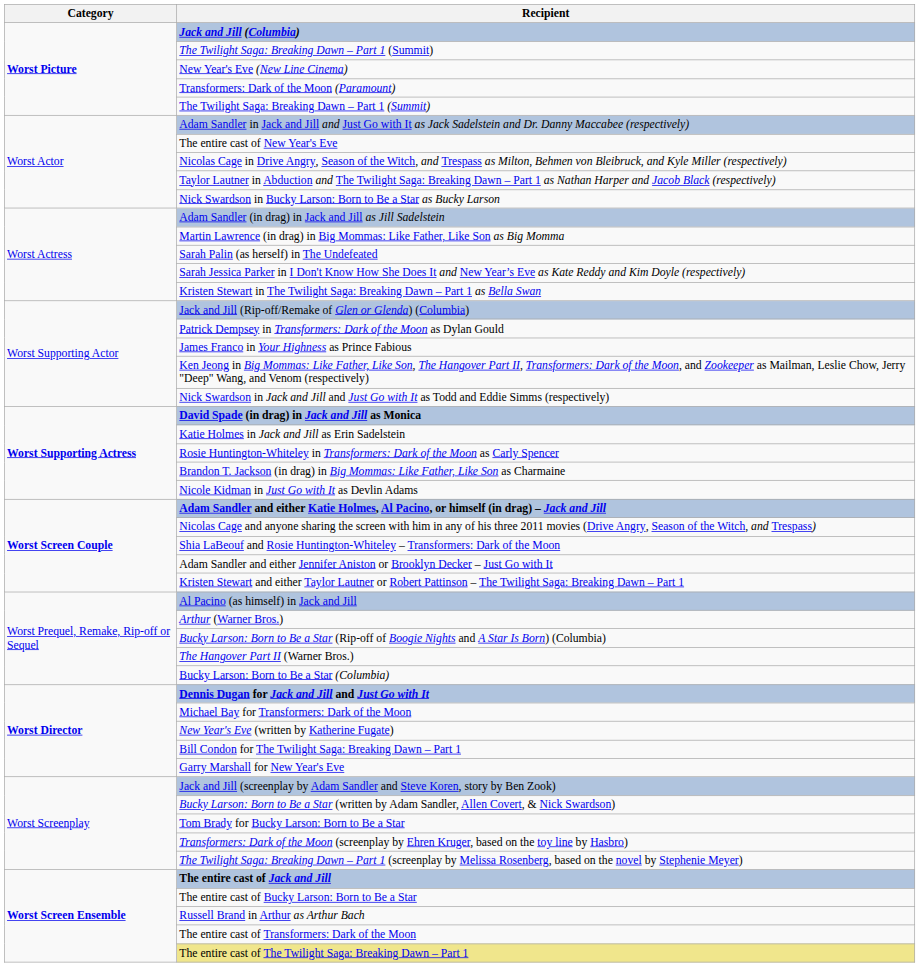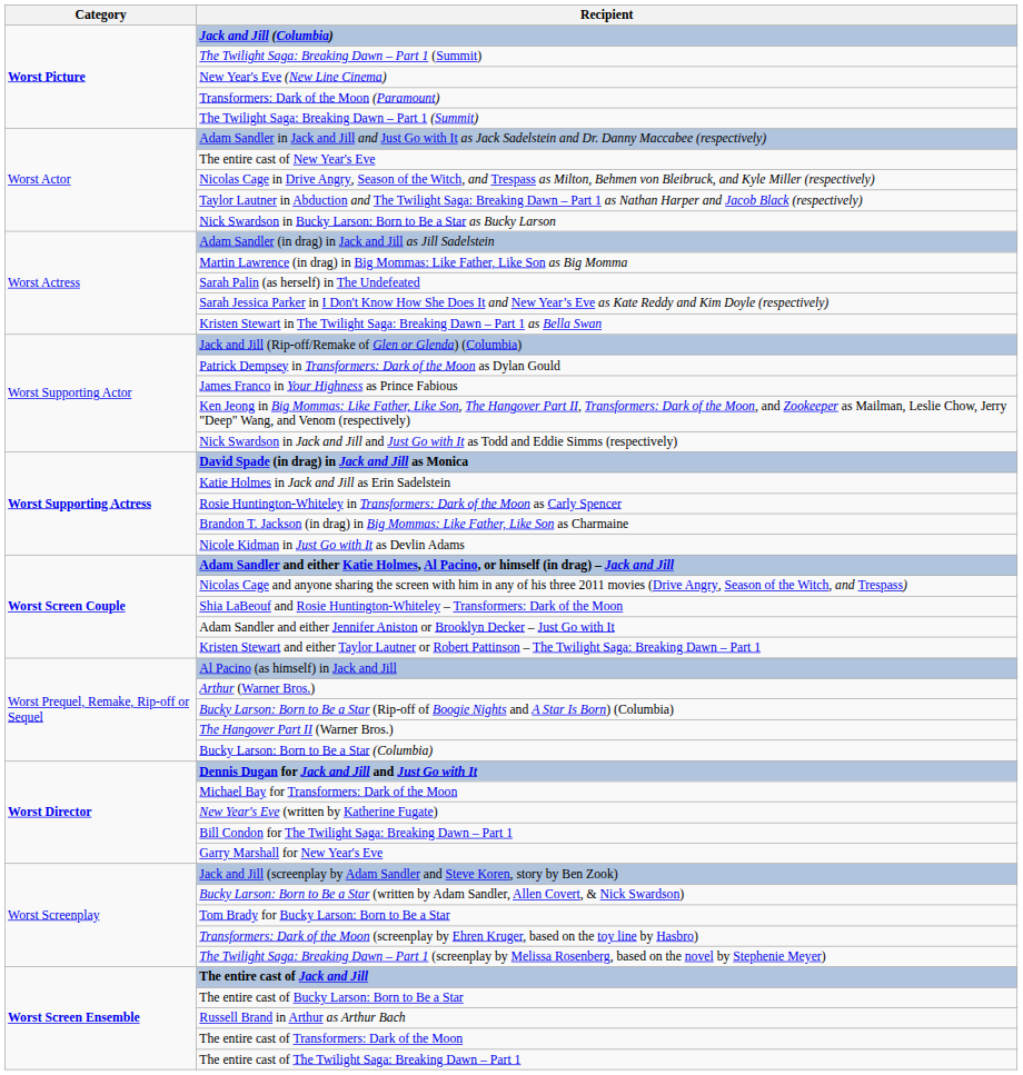 <table class="wikitable">
 <tr>
 <th>Category</th>
 <th>Recipient</th>
 </tr>
 <tr>
 <td rowspan=5><strong><a href='#'>Worst Picture</a></strong></td>
 <td style="background:#B0C4DE"><strong><em><a href='#'>Jack and Jill</a><em> (<a href='#'>Columbia</a>)<strong></td>
 </tr>
 <tr>
 <td><em><a href='#'>The Twilight Saga: Breaking Dawn – Part 1</a></em> (<a href='#'>Summit</a>)</td>
 </tr>
 <tr>
 <td></em><a href='#'>New Year's Eve</a><em> (<a href='#'>New Line Cinema</a>)</td>
 </tr>
 <tr>
 <td></em><a href='#'>Transformers: Dark of the Moon</a><em> (<a href='#'>Paramount</a>)</td>
 </tr>
 <tr>
 <td></em><a href='#'>The Twilight Saga: Breaking Dawn – Part 1</a><em> (<a href='#'>Summit</a>)</td>
 </tr>
 <tr>
 <td rowspan=5></strong><a href='#'>Worst Actor</a><strong></td>
 <td style="background:#B0C4DE"></strong><a href='#'>Adam Sandler</a> in </em><a href='#'>Jack and Jill</a><em> and </em><a href='#'>Just Go with It</a><em> as Jack Sadelstein and Dr. Danny Maccabee (respectively)<strong></td>
 </tr>
 <tr>
 <td>The entire cast of </em><a href='#'>New Year's Eve</a><em></td>
 </tr>
 <tr>
 <td><a href='#'>Nicolas Cage</a> in </em><a href='#'>Drive Angry</a><em>, </em><a href='#'>Season of the Witch</a><em>, and </em><a href='#'>Trespass</a><em> as Milton, Behmen von Bleibruck, and Kyle Miller (respectively)</td>
 </tr>
 <tr>
 <td><a href='#'>Taylor Lautner</a> in </em><a href='#'>Abduction</a><em> and </em><a href='#'>The Twilight Saga: Breaking Dawn – Part 1</a><em> as Nathan Harper and <a href='#'>Jacob Black</a> (respectively)</td>
 </tr>
 <tr>
 <td><a href='#'>Nick Swardson</a> in </em><a href='#'>Bucky Larson: Born to Be a Star</a><em> as Bucky Larson</td>
 </tr>
 <tr>
 <td rowspan=5></strong><a href='#'>Worst Actress</a><strong></td>
 <td style="background:#B0C4DE"></strong><a href='#'>Adam Sandler</a> (in drag) in </em><a href='#'>Jack and Jill</a><em> as Jill Sadelstein<strong></td>
 </tr>
 <tr>
 <td><a href='#'>Martin Lawrence</a> (in drag) in </em><a href='#'>Big Mommas: Like Father, Like Son</a><em> as Big Momma</td>
 </tr>
 <tr>
 <td><a href='#'>Sarah Palin</a> (as herself) in </em><a href='#'>The Undefeated</a><em></td>
 </tr>
 <tr>
 <td><a href='#'>Sarah Jessica Parker</a> in </em><a href='#'>I Don't Know How She Does It</a><em> and </em><a href='#'>New Year’s Eve</a><em> as Kate Reddy and Kim Doyle (respectively)</td>
 </tr>
 <tr>
 <td><a href='#'>Kristen Stewart</a> in </em><a href='#'>The Twilight Saga: Breaking Dawn – Part 1</a><em> as <a href='#'>Bella Swan</a></td>
 </tr>
 <tr>
 <td rowspan=5></strong><a href='#'>Worst Supporting Actor</a><strong></td>
 <td style="background:#B0C4DE"></em></strong><a href='#'>Jack and Jill</a></em> (Rip-off/Remake of <em><a href='#'>Glen or Glenda</a></em>) (<a href='#'>Columbia</a>)</strong></td>
 </tr>
 <tr>
 <td><a href='#'>Patrick Dempsey</a> in <em><a href='#'>Transformers: Dark of the Moon</a></em> as Dylan Gould</td>
 </tr>
 <tr>
 <td><a href='#'>James Franco</a> in <em><a href='#'>Your Highness</a></em> as Prince Fabious</td>
 </tr>
 <tr>
 <td><a href='#'>Ken Jeong</a> in <em><a href='#'>Big Mommas: Like Father, Like Son</a></em>, <em><a href='#'>The Hangover Part II</a></em>, <em><a href='#'>Transformers: Dark of the Moon</a></em>, and <em><a href='#'>Zookeeper</a></em> as Mailman, Leslie Chow, Jerry "Deep" Wang, and Venom (respectively)</td>
 </tr>
 <tr>
 <td><a href='#'>Nick Swardson</a> in <em>Jack and Jill</em> and <em><a href='#'>Just Go with It</a></em> as Todd and Eddie Simms (respectively)</td>
 </tr>
 <tr>
 <td rowspan=5><strong><a href='#'>Worst Supporting Actress</a></strong></td>
 <td style="background:#B0C4DE"><strong><a href='#'>David Spade</a> (in drag) in <em><a href='#'>Jack and Jill</a></em> as Monica</strong></td>
 </tr>
 <tr>
 <td><a href='#'>Katie Holmes</a> in <em>Jack and Jill</em> as Erin Sadelstein</td>
 </tr>
 <tr>
 <td><a href='#'>Rosie Huntington-Whiteley</a> in <em><a href='#'>Transformers: Dark of the Moon</a></em> as <a href='#'>Carly Spencer</a></td>
 </tr>
 <tr>
 <td><a href='#'>Brandon T. Jackson</a> (in drag) in <em><a href='#'>Big Mommas: Like Father, Like Son</a></em> as Charmaine</td>
 </tr>
 <tr>
 <td><a href='#'>Nicole Kidman</a> in <em><a href='#'>Just Go with It</a></em> as Devlin Adams</td>
 </tr>
 <tr>
 <td rowspan=5><strong><a href='#'>Worst Screen Couple</a></strong></td>
 <td style="background:#B0C4DE"><strong><a href='#'>Adam Sandler</a> and either <a href='#'>Katie Holmes</a>, <a href='#'>Al Pacino</a>, or himself (in drag) – <em><a href='#'>Jack and Jill</a><strong><em></td>
 </tr>
 <tr>
 <td><a href='#'>Nicolas Cage</a> and anyone sharing the screen with him in any of his three 2011 movies (</em><a href='#'>Drive Angry</a><em>, </em><a href='#'>Season of the Witch</a><em>, and </em><a href='#'>Trespass</a><em>)</td>
 </tr>
 <tr>
 <td><a href='#'>Shia LaBeouf</a> and <a href='#'>Rosie Huntington-Whiteley</a> – </em><a href='#'>Transformers: Dark of the Moon</a><em></td>
 </tr>
 <tr>
 <td>Adam Sandler and either <a href='#'>Jennifer Aniston</a> or <a href='#'>Brooklyn Decker</a> – </em><a href='#'>Just Go with It</a><em></td>
 </tr>
 <tr>
 <td><a href='#'>Kristen Stewart</a> and either <a href='#'>Taylor Lautner</a> or <a href='#'>Robert Pattinson</a> – </em><a href='#'>The Twilight Saga: Breaking Dawn – Part 1</a><em></td>
 </tr>
 <tr>
 <td rowspan=5></strong><a href='#'>Worst Prequel, Remake, Rip-off or Sequel</a><strong></td>
 <td style="background:#B0C4DE"></strong><a href='#'>Al Pacino</a> (as himself) in </em><a href='#'>Jack and Jill</a></em></strong></td>
 </tr>
 <tr>
 <td><em><a href='#'>Arthur</a></em> (<a href='#'>Warner Bros.</a>)</td>
 </tr>
 <tr>
 <td><em><a href='#'>Bucky Larson: Born to Be a Star</a></em> (Rip-off of <em><a href='#'>Boogie Nights</a></em> and <em><a href='#'>A Star Is Born</a></em>) (Columbia)</td>
 </tr>
 <tr>
 <td><em><a href='#'>The Hangover Part II</a></em> (Warner Bros.)</td>
 </tr>
 <tr>
 <td></em><a href='#'>Bucky Larson: Born to Be a Star</a><em> (Columbia)</td>
 </tr>
 <tr>
 <td rowspan=5><strong><a href='#'>Worst Director</a></strong></td>
 <td style="background:#B0C4DE"><strong><a href='#'>Dennis Dugan</a> for <em><a href='#'>Jack and Jill</a></em> and <em><a href='#'>Just Go with It</a><strong><em></td>
 </tr>
 <tr>
 <td><a href='#'>Michael Bay</a> for </em><a href='#'>Transformers: Dark of the Moon</a><em></td>
 </tr>
 <tr>
 <td><em><a href='#'>New Year's Eve</a></em> (written by <a href='#'>Katherine Fugate</a>)</td>
 </tr>
 <tr>
 <td><a href='#'>Bill Condon</a> for </em><a href='#'>The Twilight Saga: Breaking Dawn – Part 1</a><em></td>
 </tr>
 <tr>
 <td><a href='#'>Garry Marshall</a> for </em><a href='#'>New Year's Eve</a><em></td>
 </tr>
 <tr>
 <td rowspan=5></strong><a href='#'>Worst Screenplay</a><strong></td>
 <td style="background:#B0C4DE"></em></strong><a href='#'>Jack and Jill</a></em> (screenplay by <a href='#'>Adam Sandler</a> and <a href='#'>Steve Koren</a>, story by Ben Zook)</strong></td>
 </tr>
 <tr>
 <td><em><a href='#'>Bucky Larson: Born to Be a Star</a></em> (written by Adam Sandler, <a href='#'>Allen Covert</a>, & <a href='#'>Nick Swardson</a>)</td>
 </tr>
 <tr>
 <td><a href='#'>Tom Brady</a> for </em><a href='#'>Bucky Larson: Born to Be a Star</a><em></td>
 </tr>
 <tr>
 <td><em><a href='#'>Transformers: Dark of the Moon</a></em> (screenplay by <a href='#'>Ehren Kruger</a>, based on the <a href='#'>toy line</a> by <a href='#'>Hasbro</a>)</td>
 </tr>
 <tr>
 <td><em><a href='#'>The Twilight Saga: Breaking Dawn – Part 1</a></em> (screenplay by <a href='#'>Melissa Rosenberg</a>, based on the <a href='#'>novel</a> by <a href='#'>Stephenie Meyer</a>)</td>
 </tr>
 <tr>
 <td rowspan=5><strong><a href='#'>Worst Screen Ensemble</a></strong></td>
 <td style="background:#B0C4DE"><strong>The entire cast of <em><a href='#'>Jack and Jill</a><strong><em></td>
 </tr>
 <tr>
 <td>The entire cast of </em><a href='#'>Bucky Larson: Born to Be a Star</a><em></td>
 </tr>
 <tr>
 <td><a href='#'>Russell Brand</a> in </em><a href='#'>Arthur</a><em> as Arthur Bach</td>
 </tr>
 <tr>
 <td>The entire cast of </em><a href='#'>Transformers: Dark of the Moon</a><em></td>
 </tr>
 <tr>
-<td style="background: khaki;">The entire cast of </em><a href='#'>The Twilight Saga: Breaking Dawn – Part 1</a><em></td>
+<td>The entire cast of </em><a href='#'>The Twilight Saga: Breaking Dawn – Part 1</a><em></td>
 </tr>
 </table>
